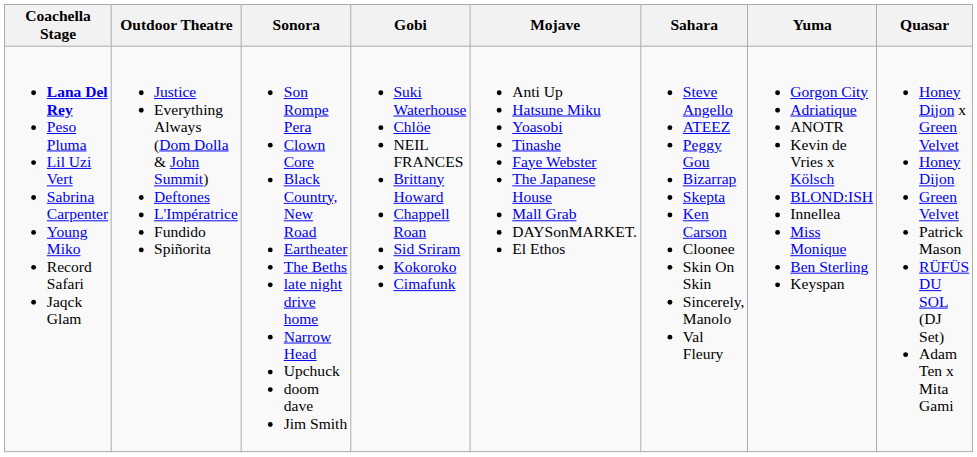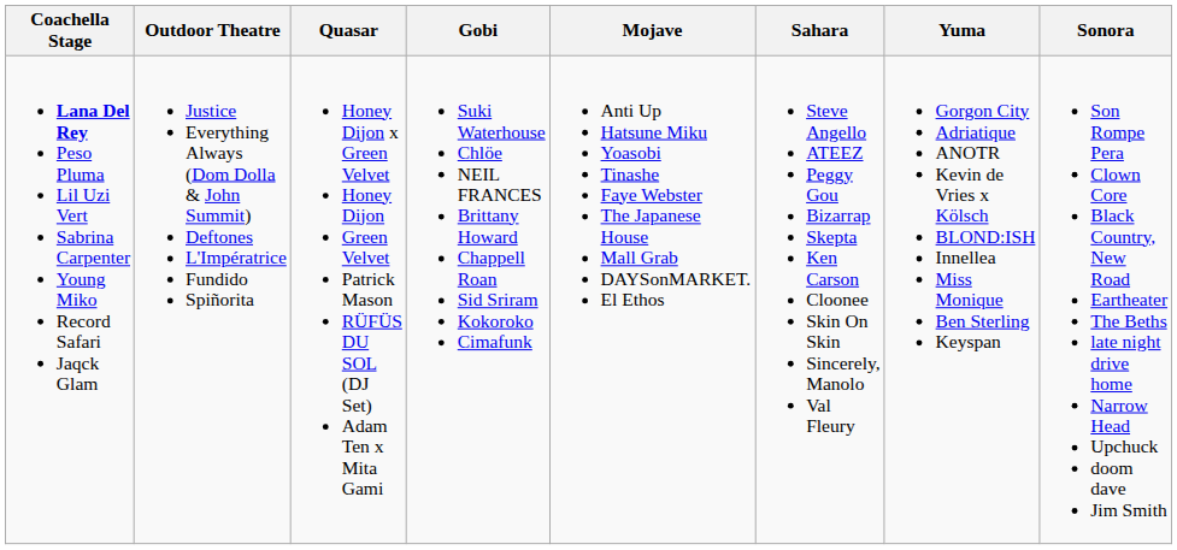 <table class="wikitable">
 <tr>
 <th>Coachella Stage</th>
 <th>Outdoor Theatre</th>
-<th>Sonora</th>
+<th>Quasar</th>
 <th>Gobi</th>
 <th>Mojave</th>
 <th>Sahara</th>
 <th>Yuma</th>
-<th>Quasar</th>
+<th>Sonora</th>
 </tr>
 <tr valign="top">
 <td><br><ul><li><strong><a href='#'>Lana Del Rey</a></strong></li><li><a href='#'>Peso Pluma</a></li><li><a href='#'>Lil Uzi Vert</a></li><li><a href='#'>Sabrina Carpenter</a></li><li><a href='#'>Young Miko</a></li><li>Record Safari </li><li>Jaqck Glam </li></ul></td>
 <td><br><ul><li><a href='#'>Justice</a></li><li>Everything Always (<a href='#'>Dom Dolla</a> & <a href='#'>John Summit</a>)</li><li><a href='#'>Deftones</a></li><li><a href='#'>L'Impératrice</a></li><li>Fundido </li><li>Spiñorita </li></ul></td>
-<td><br><ul><li><a href='#'>Son Rompe Pera</a></li><li><a href='#'>Clown Core</a></li><li><a href='#'>Black Country, New Road</a></li><li><a href='#'>Eartheater</a></li><li><a href='#'>The Beths</a></li><li><a href='#'>late night drive home</a></li><li><a href='#'>Narrow Head</a></li><li>Upchuck</li><li>doom dave </li><li>Jim Smith </li></ul></td>
+<td><br><ul><li><a href='#'>Honey Dijon</a> x <a href='#'>Green Velvet</a> </li><li><a href='#'>Honey Dijon</a> </li><li><a href='#'>Green Velvet</a> </li><li>Patrick Mason </li><li><a href='#'>RÜFÜS DU SOL</a> (DJ Set) </li><li>Adam Ten x Mita Gami </li></ul></td>
 <td><br><ul><li><a href='#'>Suki Waterhouse</a></li><li><a href='#'>Chlöe</a></li><li>NEIL FRANCES</li><li><a href='#'>Brittany Howard</a></li><li><a href='#'>Chappell Roan</a></li><li><a href='#'>Sid Sriram</a></li><li><a href='#'>Kokoroko</a></li><li><a href='#'>Cimafunk</a></li></ul></td>
 <td><br><ul><li>Anti Up</li><li><a href='#'>Hatsune Miku</a></li><li><a href='#'>Yoasobi</a></li><li><a href='#'>Tinashe</a></li><li><a href='#'>Faye Webster</a></li><li><a href='#'>The Japanese House</a></li><li><a href='#'>Mall Grab</a></li><li>DAYSonMARKET. </li><li>El Ethos </li></ul></td>
 <td><br><ul><li><a href='#'>Steve Angello</a></li><li><a href='#'>ATEEZ</a></li><li><a href='#'>Peggy Gou</a></li><li><a href='#'>Bizarrap</a></li><li><a href='#'>Skepta</a></li><li><a href='#'>Ken Carson</a></li><li>Cloonee</li><li>Skin On Skin</li><li>Sincerely, Manolo </li><li>Val Fleury </li></ul></td>
 <td><br><ul><li><a href='#'>Gorgon City</a></li><li><a href='#'>Adriatique</a></li><li>ANOTR</li><li>Kevin de Vries x <a href='#'>Kölsch</a></li><li><a href='#'>BLOND:ISH</a></li><li>Innellea</li><li><a href='#'>Miss Monique</a></li><li><a href='#'>Ben Sterling</a></li><li>Keyspan</li></ul></td>
-<td><br><ul><li><a href='#'>Honey Dijon</a> x <a href='#'>Green Velvet</a> </li><li><a href='#'>Honey Dijon</a> </li><li><a href='#'>Green Velvet</a> </li><li>Patrick Mason </li><li><a href='#'>RÜFÜS DU SOL</a> (DJ Set) </li><li>Adam Ten x Mita Gami </li></ul></td>
+<td><br><ul><li><a href='#'>Son Rompe Pera</a></li><li><a href='#'>Clown Core</a></li><li><a href='#'>Black Country, New Road</a></li><li><a href='#'>Eartheater</a></li><li><a href='#'>The Beths</a></li><li><a href='#'>late night drive home</a></li><li><a href='#'>Narrow Head</a></li><li>Upchuck</li><li>doom dave </li><li>Jim Smith </li></ul></td>
 </tr>
 </table>
